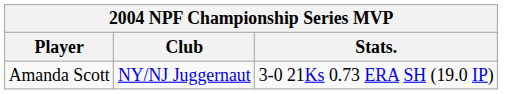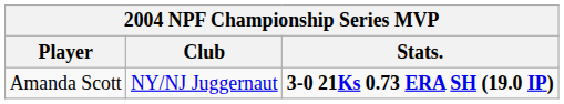 <table class="wikitable">
 <tr>
 <th colspan=3>2004 NPF Championship Series MVP</th>
 </tr>
 <tr>
 <th>Player</th>
 <th>Club</th>
 <th>Stats.</th>
 </tr>
 <tr>
 <td>Amanda Scott</td>
 <td><a href='#'>NY/NJ Juggernaut</a></td>
-<td>3-0 21<a href='#'>Ks</a> 0.73 <a href='#'>ERA</a> <a href='#'>SH</a> (19.0 <a href='#'>IP</a>)</td>
+<td><strong>3-0 21<a href='#'>Ks</a> 0.73 <a href='#'>ERA</a> <a href='#'>SH</a> (19.0 <a href='#'>IP</a>)</strong></td>
 </tr>
 </table>
